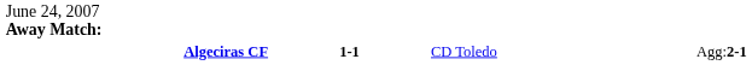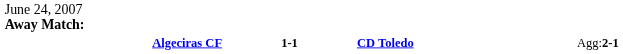 <table width=100% cellspacing=1>
 <tr>
 <th width=20%></th>
 <th width=12%></th>
 <th width=20%></th>
 <th></th>
 </tr>
 <tr>
 <td>June 24, 2007<br><strong>Away Match:</strong></td>
 </tr>
 <tr style=font-size:90%>
 <td align=right><strong><a href='#'>Algeciras CF</a></strong></td>
 <td align=center><strong>1-1</strong></td>
-<td><a href='#'>CD Toledo</a></td>
+<td><strong><a href='#'>CD Toledo</a></strong></td>
 <td>Agg:<strong>2-1</strong></td>
 </tr>
 </table>
